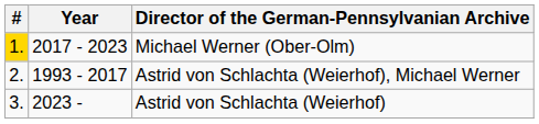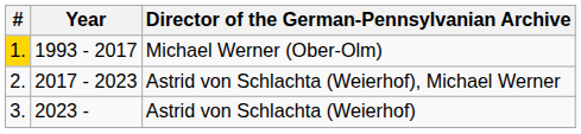 <table class="wikitable">
 <tr class="hintergrundfarbe5">
 <th>#</th>
 <th>Year</th>
 <th>Director of the German-Pennsylvanian Archive</th>
 </tr>
 <tr>
 <td align="right" style="background: gold;">1.</td>
-<td>2017 - 2023</td>
+<td>1993 - 2017</td>
 <td>Michael Werner (Ober-Olm)</td>
 </tr>
 <tr>
 <td align="right">2.</td>
-<td>1993 - 2017</td>
+<td>2017 - 2023</td>
 <td>Astrid von Schlachta (Weierhof), Michael Werner</td>
 </tr>
 <tr>
 <td align="right">3.</td>
 <td>2023 -</td>
 <td>Astrid von Schlachta (Weierhof)</td>
 </tr>
 <tr>
 </tr>
 </table>
